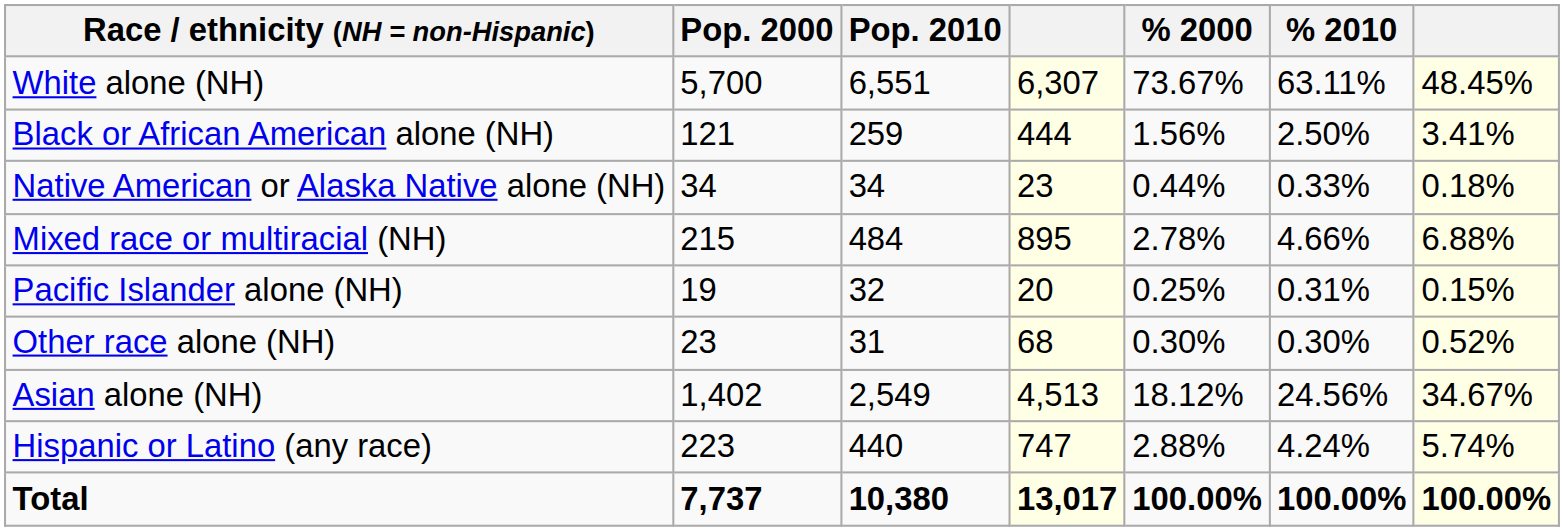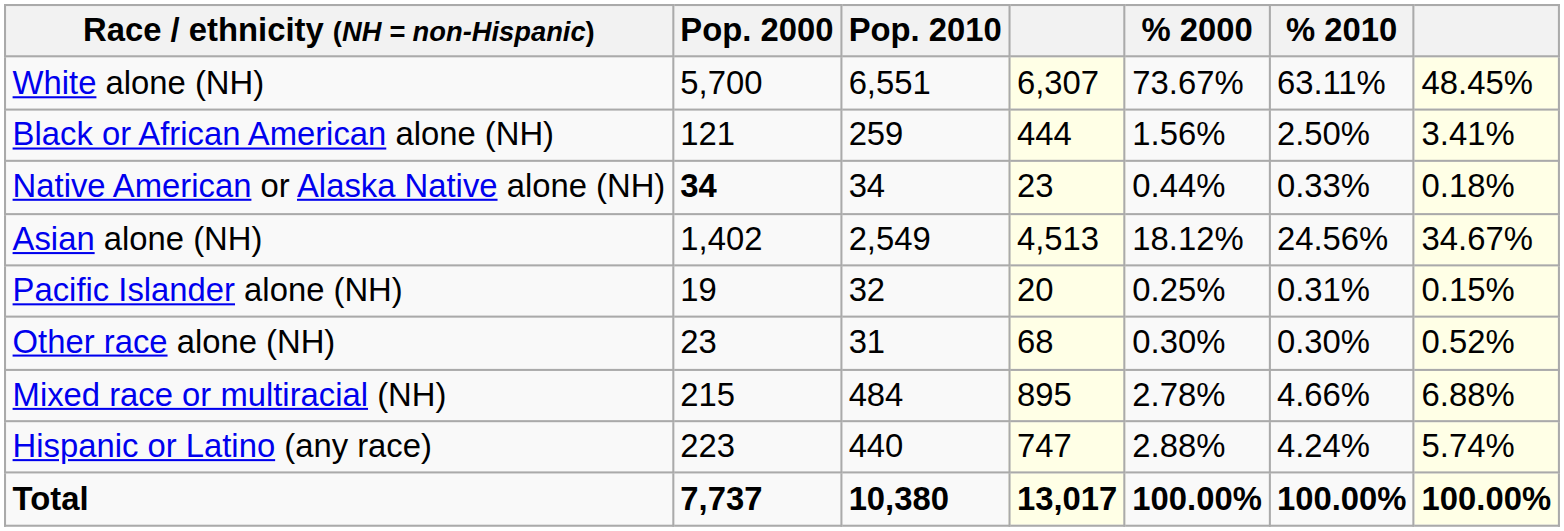 <table class="wikitable">
 <tr>
 <th>Race / ethnicity <small>(<em>NH = non-Hispanic</em>)</small></th>
 <th>Pop. 2000</th>
 <th>Pop. 2010</th>
 <th></th>
 <th>% 2000</th>
 <th>% 2010</th>
 <th></th>
 </tr>
 <tr>
 <td><a href='#'>White</a> alone (NH)</td>
 <td>5,700</td>
 <td>6,551</td>
 <td style='background: #ffffe6;'>6,307</td>
 <td>73.67%</td>
 <td>63.11%</td>
 <td style='background: #ffffe6;'>48.45%</td>
 </tr>
 <tr>
 <td><a href='#'>Black or African American</a> alone (NH)</td>
 <td>121</td>
 <td>259</td>
 <td style='background: #ffffe6;'>444</td>
 <td>1.56%</td>
 <td>2.50%</td>
 <td style='background: #ffffe6;'>3.41%</td>
 </tr>
 <tr>
 <td><a href='#'>Native American</a> or <a href='#'>Alaska Native</a> alone (NH)</td>
-<td>34</td>
+<td><strong>34</strong></td>
 <td>34</td>
 <td style='background: #ffffe6;'>23</td>
 <td>0.44%</td>
 <td>0.33%</td>
 <td style='background: #ffffe6;'>0.18%</td>
 </tr>
 <tr>
-<td><a href='#'>Mixed race or multiracial</a> (NH)</td>
-<td>215</td>
-<td>484</td>
-<td style='background: #ffffe6;'>895</td>
-<td>2.78%</td>
-<td>4.66%</td>
-<td style='background: #ffffe6;'>6.88%</td>
+<td><a href='#'>Asian</a> alone (NH)</td>
+<td>1,402</td>
+<td>2,549</td>
+<td style='background: #ffffe6;'>4,513</td>
+<td>18.12%</td>
+<td>24.56%</td>
+<td style='background: #ffffe6;'>34.67%</td>
 </tr>
 <tr>
 <td><a href='#'>Pacific Islander</a> alone (NH)</td>
 <td>19</td>
 <td>32</td>
 <td style='background: #ffffe6;'>20</td>
 <td>0.25%</td>
 <td>0.31%</td>
 <td style='background: #ffffe6;'>0.15%</td>
 </tr>
 <tr>
 <td><a href='#'>Other race</a> alone (NH)</td>
 <td>23</td>
 <td>31</td>
 <td style='background: #ffffe6;'>68</td>
 <td>0.30%</td>
 <td>0.30%</td>
 <td style='background: #ffffe6;'>0.52%</td>
 </tr>
 <tr>
-<td><a href='#'>Asian</a> alone (NH)</td>
-<td>1,402</td>
-<td>2,549</td>
-<td style='background: #ffffe6;'>4,513</td>
-<td>18.12%</td>
-<td>24.56%</td>
-<td style='background: #ffffe6;'>34.67%</td>
+<td><a href='#'>Mixed race or multiracial</a> (NH)</td>
+<td>215</td>
+<td>484</td>
+<td style='background: #ffffe6;'>895</td>
+<td>2.78%</td>
+<td>4.66%</td>
+<td style='background: #ffffe6;'>6.88%</td>
 </tr>
 <tr>
 <td><a href='#'>Hispanic or Latino</a> (any race)</td>
 <td>223</td>
 <td>440</td>
 <td style='background: #ffffe6;'>747</td>
 <td>2.88%</td>
 <td>4.24%</td>
 <td style='background: #ffffe6;'>5.74%</td>
 </tr>
 <tr>
 <td><strong>Total</strong></td>
 <td><strong>7,737</strong></td>
 <td><strong>10,380</strong></td>
 <td style='background: #ffffe6;'><strong>13,017</strong></td>
 <td><strong>100.00%</strong></td>
 <td><strong>100.00%</strong></td>
 <td style='background: #ffffe6;'><strong>100.00%</strong></td>
 </tr>
 </table>
